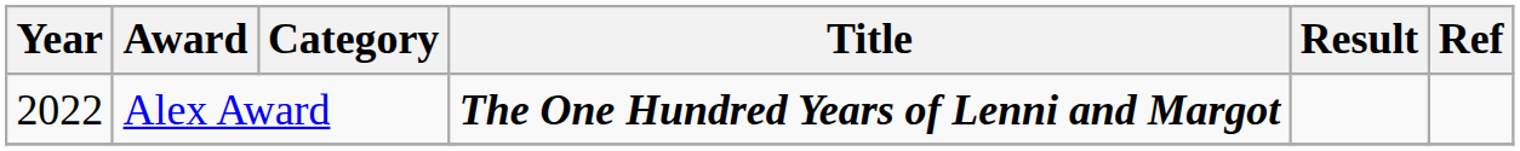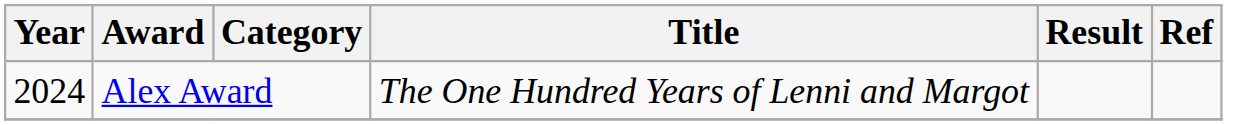 <table class="wikitable sortable">
 <tr>
 <th>Year</th>
 <th>Award</th>
 <th>Category</th>
 <th>Title</th>
 <th>Result</th>
 <th>Ref</th>
 </tr>
 <tr>
-<td>2022</td>
+<td>2024</td>
 <td colspan="2"><a href='#'>Alex Award</a></td>
-<td><strong><em>The One Hundred Years of Lenni and Margot</em></strong></td>
+<td><em>The One Hundred Years of Lenni and Margot</em></td>
 <td></td>
 <td></td>
 </tr>
 <tr>
 </tr>
 </table>
